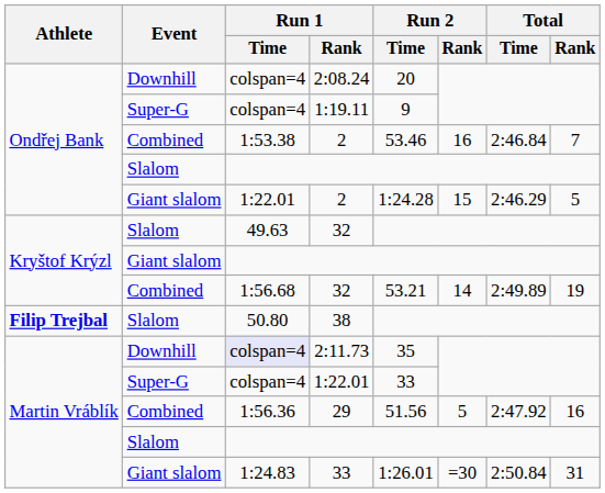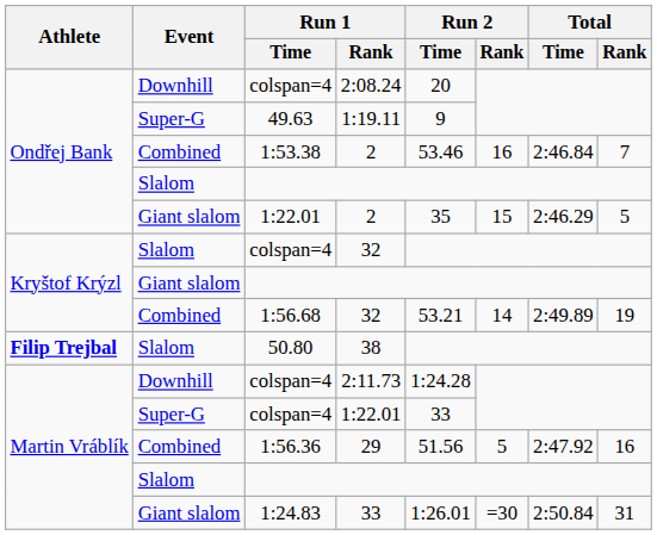 <table class="wikitable" style="font-size:90%">
 <tr>
 <th rowspan=2>Athlete</th>
 <th rowspan=2>Event</th>
 <th colspan=2>Run 1</th>
 <th colspan=2>Run 2</th>
 <th colspan=2>Total</th>
 </tr>
 <tr style="font-size:95%">
 <th>Time</th>
 <th>Rank</th>
 <th>Time</th>
 <th>Rank</th>
 <th>Time</th>
 <th>Rank</th>
 </tr>
 <tr align=center>
 <td align=left rowspan=5><a href='#'>Ondřej Bank</a></td>
 <td align=left><a href='#'>Downhill</a></td>
 <td>colspan=4 </td>
 <td>2:08.24</td>
 <td>20</td>
 </tr>
 <tr align=center>
 <td align=left><a href='#'>Super-G</a></td>
-<td>colspan=4 </td>
+<td>49.63</td>
 <td>1:19.11</td>
 <td>9</td>
 </tr>
 <tr align=center>
 <td align=left><a href='#'>Combined</a></td>
 <td>1:53.38</td>
 <td>2</td>
 <td>53.46</td>
 <td>16</td>
 <td>2:46.84</td>
 <td>7</td>
 </tr>
 <tr align=center>
 <td align=left><a href='#'>Slalom</a></td>
 <td colspan=6></td>
 </tr>
 <tr align=center>
 <td align=left><a href='#'>Giant slalom</a></td>
 <td>1:22.01</td>
 <td>2</td>
-<td>1:24.28</td>
+<td>35</td>
 <td>15</td>
 <td>2:46.29</td>
 <td>5</td>
 </tr>
 <tr align=center>
 <td align=left rowspan=3><a href='#'>Kryštof Krýzl</a></td>
 <td align=left><a href='#'>Slalom</a></td>
-<td>49.63</td>
+<td>colspan=4 </td>
 <td>32</td>
 <td colspan=4></td>
 </tr>
 <tr align=center>
 <td align=left><a href='#'>Giant slalom</a></td>
 <td colspan=6></td>
 </tr>
 <tr align=center>
 <td align=left><a href='#'>Combined</a></td>
 <td>1:56.68</td>
 <td>32</td>
 <td>53.21</td>
 <td>14</td>
 <td>2:49.89</td>
 <td>19</td>
 </tr>
 <tr align=center>
 <td align=left><strong><a href='#'>Filip Trejbal</a></strong></td>
 <td align=left><a href='#'>Slalom</a></td>
 <td>50.80</td>
 <td>38</td>
 <td colspan=4></td>
 </tr>
 <tr align=center>
 <td align=left rowspan=5><a href='#'>Martin Vráblík</a></td>
 <td align=left><a href='#'>Downhill</a></td>
-<td style="background: lavender;">colspan=4 </td>
+<td>colspan=4 </td>
 <td>2:11.73</td>
-<td>35</td>
+<td>1:24.28</td>
 </tr>
 <tr align=center>
 <td align=left><a href='#'>Super-G</a></td>
 <td>colspan=4 </td>
 <td>1:22.01</td>
 <td>33</td>
 </tr>
 <tr align=center>
 <td align=left><a href='#'>Combined</a></td>
 <td>1:56.36</td>
 <td>29</td>
 <td>51.56</td>
 <td>5</td>
 <td>2:47.92</td>
 <td>16</td>
 </tr>
 <tr align=center>
 <td align=left><a href='#'>Slalom</a></td>
 <td colspan=6></td>
 </tr>
 <tr align=center>
 <td align=left><a href='#'>Giant slalom</a></td>
 <td>1:24.83</td>
 <td>33</td>
 <td>1:26.01</td>
 <td>=30</td>
 <td>2:50.84</td>
 <td>31</td>
 </tr>
 </table>
